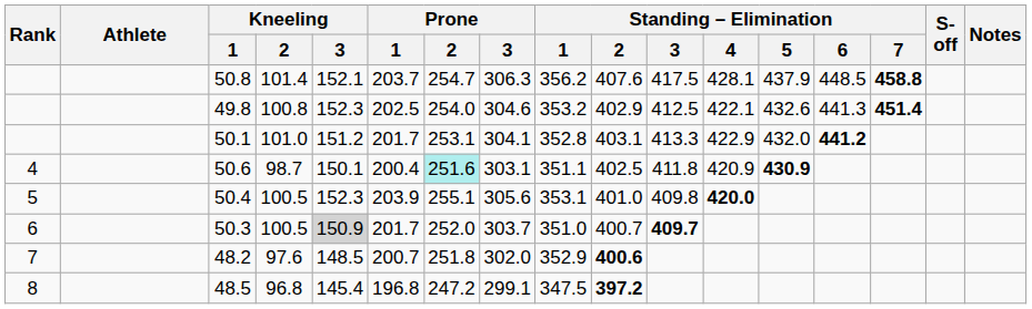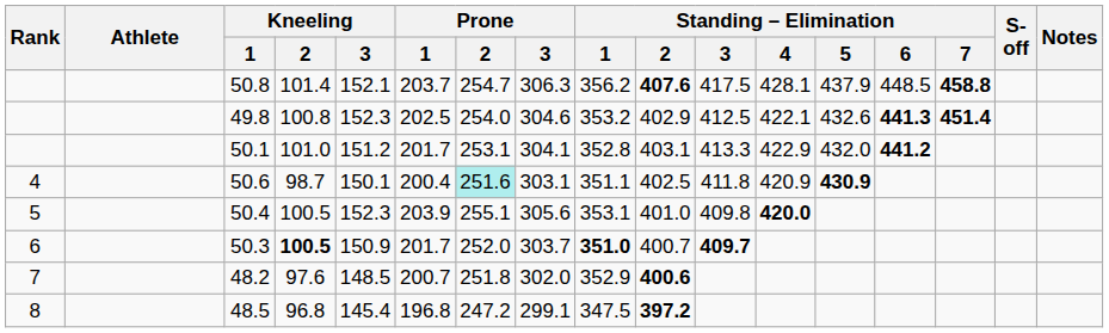 <table class="wikitable" style="text-align:center">
 <tr>
 <th rowspan=2 width=40>Rank</th>
 <th rowspan=2 width=250>Athlete</th>
 <th colspan=3>Kneeling</th>
 <th colspan=3>Prone</th>
 <th colspan=7>Standing – Elimination</th>
 <th rowspan=2 width=35>S-off</th>
 <th rowspan=2 width=45>Notes</th>
 </tr>
 <tr>
 <th width=35>1</th>
 <th width=35>2</th>
 <th width=35>3</th>
 <th width=35>1</th>
 <th width=35>2</th>
 <th width=35>3</th>
 <th width=35>1</th>
 <th width=35>2</th>
 <th width=35>3</th>
 <th width=35>4</th>
 <th width=35>5</th>
 <th width=35>6</th>
 <th width=35>7</th>
 </tr>
 <tr>
 <td></td>
 <td align=left></td>
 <td>50.8</td>
 <td>101.4</td>
 <td>152.1</td>
 <td>203.7</td>
 <td>254.7</td>
 <td>306.3</td>
 <td>356.2</td>
-<td>407.6</td>
+<td><strong>407.6</strong></td>
 <td>417.5</td>
 <td>428.1</td>
 <td>437.9</td>
 <td>448.5</td>
 <td><strong>458.8</strong></td>
 <td></td>
 <td></td>
 </tr>
 <tr>
 <td></td>
 <td align=left></td>
 <td>49.8</td>
 <td>100.8</td>
 <td>152.3</td>
 <td>202.5</td>
 <td>254.0</td>
 <td>304.6</td>
 <td>353.2</td>
 <td>402.9</td>
 <td>412.5</td>
 <td>422.1</td>
 <td>432.6</td>
-<td>441.3</td>
+<td><strong>441.3</strong></td>
 <td><strong>451.4</strong></td>
 <td></td>
 <td></td>
 </tr>
 <tr>
 <td></td>
 <td align=left></td>
 <td>50.1</td>
 <td>101.0</td>
 <td>151.2</td>
 <td>201.7</td>
 <td>253.1</td>
 <td>304.1</td>
 <td>352.8</td>
 <td>403.1</td>
 <td>413.3</td>
 <td>422.9</td>
 <td>432.0</td>
 <td><strong>441.2</strong></td>
 <td></td>
 <td></td>
 <td></td>
 </tr>
 <tr>
 <td>4</td>
 <td align=left></td>
 <td>50.6</td>
 <td>98.7</td>
 <td>150.1</td>
 <td>200.4</td>
 <td style="background: paleturquoise;">251.6</td>
 <td>303.1</td>
 <td>351.1</td>
 <td>402.5</td>
 <td>411.8</td>
 <td>420.9</td>
 <td><strong>430.9</strong></td>
 <td></td>
 <td></td>
 <td></td>
 <td></td>
 </tr>
 <tr>
 <td>5</td>
 <td align=left></td>
 <td>50.4</td>
 <td>100.5</td>
 <td>152.3</td>
 <td>203.9</td>
 <td>255.1</td>
 <td>305.6</td>
 <td>353.1</td>
 <td>401.0</td>
 <td>409.8</td>
 <td><strong>420.0</strong></td>
 <td></td>
 <td></td>
 <td></td>
 <td></td>
 <td></td>
 </tr>
 <tr>
 <td>6</td>
 <td align=left></td>
 <td>50.3</td>
-<td>100.5</td>
-<td style="background: lightgrey;">150.9</td>
+<td><strong>100.5</strong></td>
+<td>150.9</td>
 <td>201.7</td>
 <td>252.0</td>
 <td>303.7</td>
-<td>351.0</td>
+<td><strong>351.0</strong></td>
 <td>400.7</td>
 <td><strong>409.7</strong></td>
 <td></td>
 <td></td>
 <td></td>
 <td></td>
 <td></td>
 <td></td>
 </tr>
 <tr>
 <td>7</td>
 <td align=left></td>
 <td>48.2</td>
 <td>97.6</td>
 <td>148.5</td>
 <td>200.7</td>
 <td>251.8</td>
 <td>302.0</td>
 <td>352.9</td>
 <td><strong>400.6</strong></td>
 <td></td>
 <td></td>
 <td></td>
 <td></td>
 <td></td>
 <td></td>
 <td></td>
 </tr>
 <tr>
 <td>8</td>
 <td align=left></td>
 <td>48.5</td>
 <td>96.8</td>
 <td>145.4</td>
 <td>196.8</td>
 <td>247.2</td>
 <td>299.1</td>
 <td>347.5</td>
 <td><strong>397.2</strong></td>
 <td></td>
 <td></td>
 <td></td>
 <td></td>
 <td></td>
 <td></td>
 <td></td>
 </tr>
 </table>
